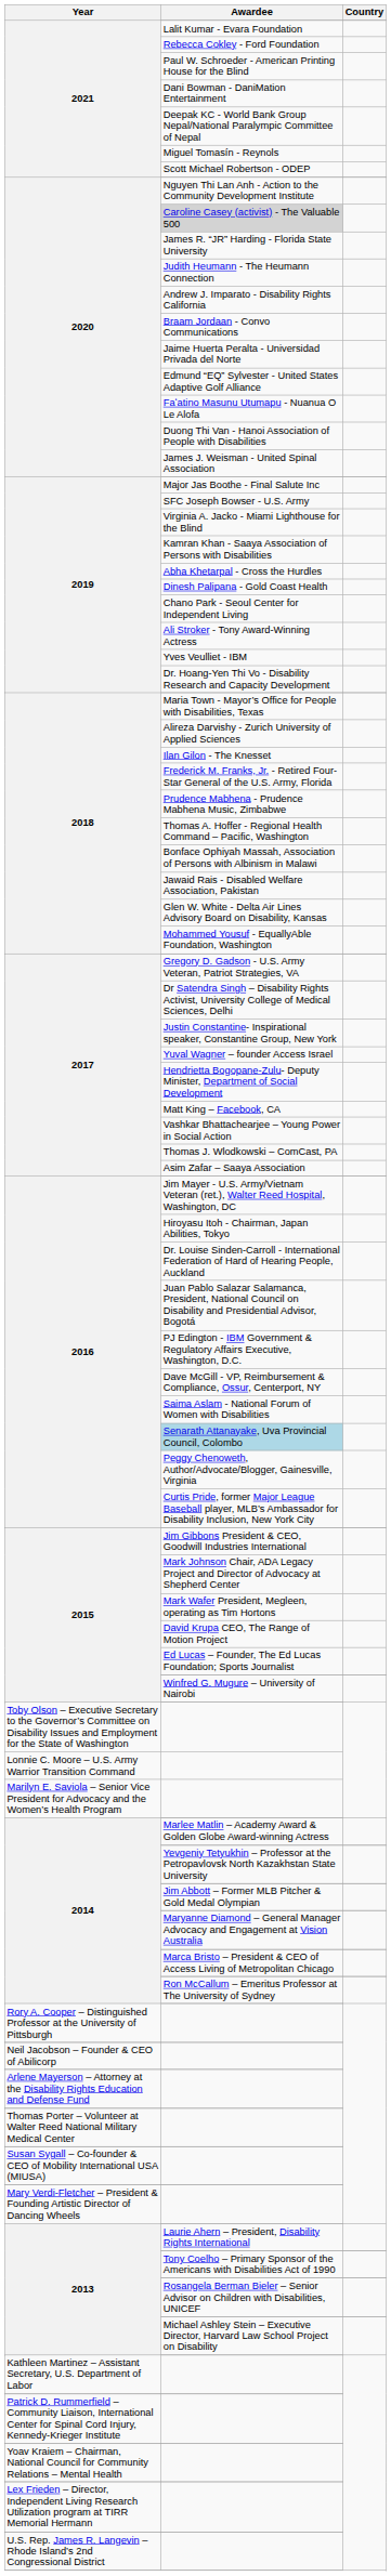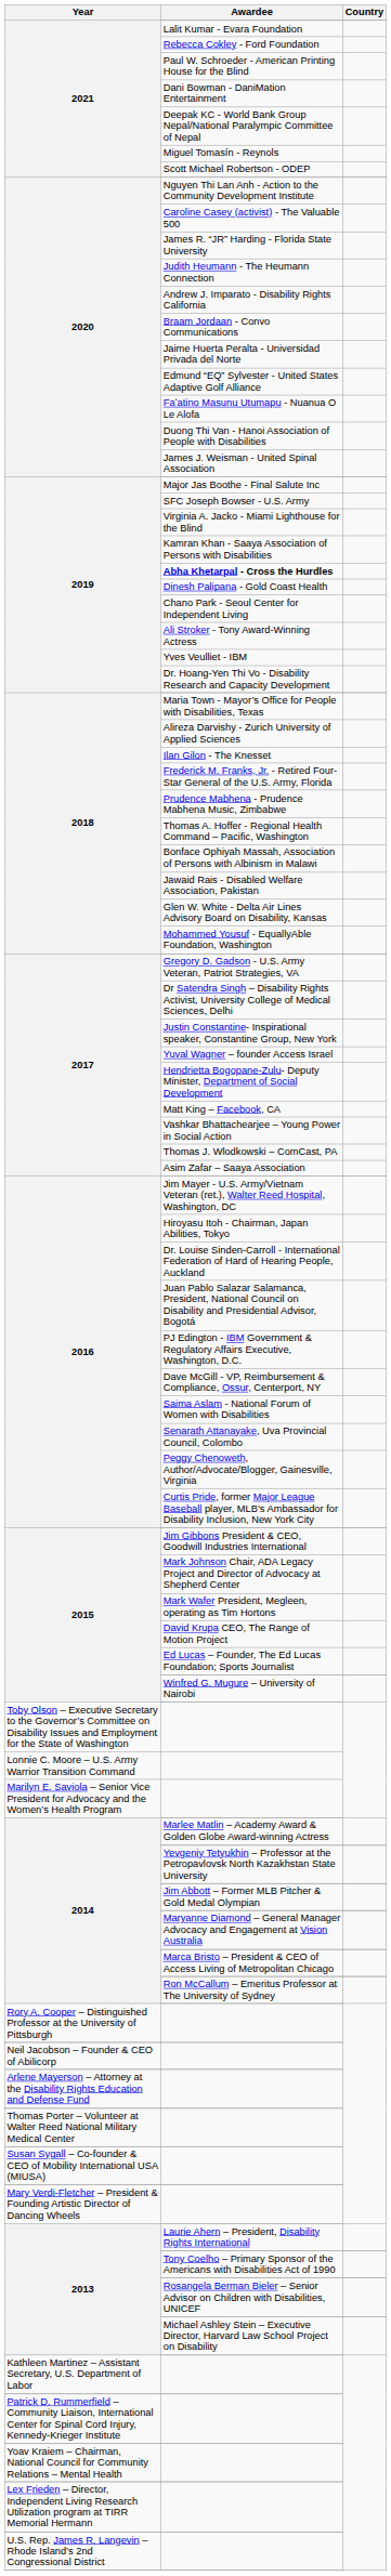 <table class="wikitable">
 <tr>
 <th>Year</th>
 <th>Awardee</th>
 <th>Country</th>
 </tr>
 <tr>
 <th ! rowspan=8>2021</th>
 </tr>
 <tr>
 <td>Lalit Kumar - Evara Foundation</td>
 <td></td>
 </tr>
 <tr>
 <td><a href='#'>Rebecca Cokley</a> - Ford Foundation</td>
 <td></td>
 </tr>
 <tr>
 <td>Paul W. Schroeder - American Printing House for the Blind</td>
 <td></td>
 </tr>
 <tr>
 <td>Dani Bowman - DaniMation Entertainment</td>
 <td></td>
 </tr>
 <tr>
 <td>Deepak KC - World Bank Group Nepal/National Paralympic Committee of Nepal</td>
 <td></td>
 </tr>
 <tr>
 <td>Miguel Tomasín - Reynols</td>
 <td></td>
 </tr>
 <tr>
 <td>Scott Michael Robertson - ODEP</td>
 <td></td>
 </tr>
 <tr>
 <th ! rowspan=12>2020</th>
 </tr>
 <tr>
 <td>Nguyen Thi Lan Anh - Action to the Community Development Institute</td>
 <td></td>
 </tr>
 <tr>
-<td style="background: lightgrey;"><a href='#'>Caroline Casey (activist)</a> -  The Valuable 500</td>
+<td><a href='#'>Caroline Casey (activist)</a> -  The Valuable 500</td>
 <td></td>
 </tr>
 <tr>
 <td>James R. “JR” Harding - Florida State University</td>
 <td></td>
 </tr>
 <tr>
 <td><a href='#'>Judith Heumann</a> - The Heumann Connection</td>
 <td></td>
 </tr>
 <tr>
 <td>Andrew J. Imparato - Disability Rights California</td>
 <td></td>
 </tr>
 <tr>
 <td><a href='#'>Braam Jordaan</a> - Convo Communications</td>
 <td></td>
 </tr>
 <tr>
 <td>Jaime Huerta Peralta - Universidad Privada del Norte</td>
 <td></td>
 </tr>
 <tr>
 <td>Edmund “EQ” Sylvester - United States Adaptive Golf Alliance</td>
 <td></td>
 </tr>
 <tr>
 <td><a href='#'>Faʻatino Masunu Utumapu</a> - Nuanua O Le Alofa</td>
 <td></td>
 </tr>
 <tr>
 <td>Duong Thi Van - Hanoi Association of People with Disabilities</td>
 <td></td>
 </tr>
 <tr>
 <td>James J. Weisman - United Spinal Association</td>
 <td></td>
 </tr>
 <tr>
 <th ! rowspan=11>2019</th>
 </tr>
 <tr>
 <td>Major Jas Boothe - Final Salute Inc</td>
 <td></td>
 </tr>
 <tr>
 <td>SFC Joseph Bowser - U.S. Army</td>
 <td></td>
 </tr>
 <tr>
 <td>Virginia A. Jacko - Miami Lighthouse for the Blind</td>
 <td></td>
 </tr>
 <tr>
 <td>Kamran Khan - Saaya Association of Persons with Disabilities</td>
 <td></td>
 </tr>
 <tr>
-<td><a href='#'>Abha Khetarpal</a> - Cross the Hurdles</td>
+<td><strong><a href='#'>Abha Khetarpal</a> - Cross the Hurdles</strong></td>
 <td></td>
 </tr>
 <tr>
 <td><a href='#'>Dinesh Palipana</a> - Gold Coast Health</td>
 <td></td>
 </tr>
 <tr>
 <td>Chano Park - Seoul Center for Independent Living</td>
 <td></td>
 </tr>
 <tr>
 <td><a href='#'>Ali Stroker</a> - Tony Award-Winning Actress</td>
 <td></td>
 </tr>
 <tr>
 <td>Yves Veulliet - IBM</td>
 <td></td>
 </tr>
 <tr>
 <td>Dr. Hoang-Yen Thi Vo - Disability Research and Capacity Development</td>
 <td></td>
 </tr>
 <tr>
 <th rowspan=11>2018</th>
 </tr>
 <tr>
 <td>Maria Town - Mayor’s Office for People with Disabilities, Texas</td>
 <td></td>
 </tr>
 <tr>
 <td>Alireza Darvishy - Zurich University of Applied Sciences</td>
 <td></td>
 </tr>
 <tr>
 <td><a href='#'>Ilan Gilon</a> - The Knesset</td>
 <td></td>
 </tr>
 <tr>
 <td><a href='#'>Frederick M. Franks, Jr.</a> - Retired Four-Star General of the U.S. Army, Florida</td>
 <td></td>
 </tr>
 <tr>
 <td><a href='#'>Prudence Mabhena</a> - Prudence Mabhena Music, Zimbabwe</td>
 <td></td>
 </tr>
 <tr>
 <td>Thomas A. Hoffer - Regional Health Command – Pacific, Washington</td>
 <td></td>
 </tr>
 <tr>
 <td>Bonface Ophiyah Massah, Association of Persons with Albinism in Malawi</td>
 <td></td>
 </tr>
 <tr>
 <td>Jawaid Rais - Disabled Welfare Association, Pakistan</td>
 <td></td>
 </tr>
 <tr>
 <td>Glen W. White - Delta Air Lines Advisory Board on Disability, Kansas</td>
 <td></td>
 </tr>
 <tr>
 <td><a href='#'>Mohammed Yousuf</a> - EquallyAble Foundation, Washington</td>
 <td></td>
 </tr>
 <tr>
 <th rowspan=10>2017</th>
 </tr>
 <tr>
 <td><a href='#'>Gregory D. Gadson</a> - U.S. Army Veteran, Patriot Strategies, VA</td>
 <td></td>
 </tr>
 <tr>
 <td>Dr <a href='#'>Satendra Singh</a> – Disability Rights Activist, University College of Medical Sciences, Delhi</td>
 <td></td>
 </tr>
 <tr>
 <td><a href='#'>Justin Constantine</a>- Inspirational speaker, Constantine Group, New York</td>
 <td></td>
 </tr>
 <tr>
 <td><a href='#'>Yuval Wagner</a> – founder Access Israel</td>
 <td></td>
 </tr>
 <tr>
 <td><a href='#'>Hendrietta Bogopane-Zulu</a>- Deputy Minister, <a href='#'>Department of Social Development</a></td>
 <td></td>
 </tr>
 <tr>
 <td>Matt King – <a href='#'>Facebook</a>, CA</td>
 <td></td>
 </tr>
 <tr>
 <td>Vashkar Bhattachearjee – Young Power in Social Action</td>
 <td></td>
 </tr>
 <tr>
 <td>Thomas J. Wlodkowski – ComCast, PA</td>
 <td></td>
 </tr>
 <tr>
 <td>Asim Zafar – Saaya Association</td>
 <td></td>
 </tr>
 <tr>
 <th rowspan=11>2016</th>
 </tr>
 <tr>
 <td>Jim Mayer - U.S. Army/Vietnam Veteran (ret.), <a href='#'>Walter Reed Hospital</a>, Washington, DC</td>
 <td></td>
 </tr>
 <tr>
 <td>Hiroyasu Itoh - Chairman, Japan Abilities, Tokyo</td>
 <td></td>
 </tr>
 <tr>
 <td>Dr. Louise Sinden-Carroll - International Federation of Hard of Hearing People, Auckland</td>
 <td></td>
 </tr>
 <tr>
 <td>Juan Pablo Salazar Salamanca, President, National Council on Disability and Presidential Advisor, Bogotá</td>
 <td></td>
 </tr>
 <tr>
 <td>PJ Edington - <a href='#'>IBM</a> Government & Regulatory Affairs Executive, Washington, D.C.</td>
 <td></td>
 </tr>
 <tr>
 <td>Dave McGill - VP, Reimbursement & Compliance, <a href='#'>Ossur</a>, Centerport, NY</td>
 <td></td>
 </tr>
 <tr>
 <td><a href='#'>Saima Aslam</a> - National Forum of Women with Disabilities</td>
 <td></td>
 </tr>
 <tr>
-<td style="background: lightblue;"><a href='#'>Senarath Attanayake</a>, Uva Provincial Council, Colombo</td>
+<td><a href='#'>Senarath Attanayake</a>, Uva Provincial Council, Colombo</td>
 <td></td>
 </tr>
 <tr>
 <td><a href='#'>Peggy Chenoweth</a>, Author/Advocate/Blogger, Gainesville, Virginia</td>
 <td></td>
 </tr>
 <tr>
 <td><a href='#'>Curtis Pride</a>, former <a href='#'>Major League Baseball</a> player, MLB’s Ambassador for Disability Inclusion, New York City</td>
 <td></td>
 </tr>
 <tr>
 <th rowspan=10>2015</th>
 </tr>
 <tr>
 </tr>
 <tr>
 <td><a href='#'>Jim Gibbons</a> President & CEO, Goodwill Industries International</td>
 <td></td>
 </tr>
 <tr>
 <td><a href='#'>Mark Johnson</a> Chair, ADA Legacy Project and Director of Advocacy at Shepherd Center</td>
 <td></td>
 </tr>
 <tr>
 <td><a href='#'>Mark Wafer</a> President, Megleen, operating as Tim Hortons</td>
 <td></td>
 </tr>
 <tr>
 <td><a href='#'>David Krupa</a> CEO, The Range of Motion Project</td>
 <td></td>
 </tr>
 <tr>
 <td><a href='#'>Ed Lucas</a> – Founder, The Ed Lucas Foundation; Sports Journalist</td>
 <td></td>
 </tr>
 <tr>
 </tr>
 <tr>
 <td><a href='#'>Winfred G. Mugure</a> – University of Nairobi</td>
 <td></td>
 </tr>
 <tr>
 </tr>
 <tr>
 <td><a href='#'>Toby Olson</a> – Executive Secretary to the Governor’s Committee on Disability Issues and Employment for the State of Washington</td>
 <td></td>
 </tr>
 <tr>
 <td>Lonnie C. Moore – U.S. Army Warrior Transition Command</td>
 <td></td>
 </tr>
 <tr>
 <td><a href='#'>Marilyn E. Saviola</a> – Senior Vice President for Advocacy and the Women’s Health Program</td>
 <td></td>
 </tr>
 <tr>
 <th rowspan=13>2014</th>
 </tr>
 <tr>
 <td><a href='#'>Marlee Matlin</a> – Academy Award & Golden Globe Award-winning Actress</td>
 <td></td>
 </tr>
 <tr>
 </tr>
 <tr>
 <td><a href='#'>Yevgeniy Tetyukhin</a> – Professor at the Petropavlovsk North Kazakhstan State University</td>
 <td></td>
 </tr>
 <tr>
 </tr>
 <tr>
 <td><a href='#'>Jim Abbott</a> – Former MLB Pitcher & Gold Medal Olympian</td>
 <td></td>
 </tr>
 <tr>
 </tr>
 <tr>
 <td><a href='#'>Maryanne Diamond</a> – General Manager Advocacy and Engagement at <a href='#'>Vision Australia</a></td>
 <td></td>
 </tr>
 <tr>
 </tr>
 <tr>
 <td><a href='#'>Marca Bristo</a> – President & CEO of Access Living of Metropolitan Chicago</td>
 <td></td>
 </tr>
 <tr>
 </tr>
 <tr>
 <td><a href='#'>Ron McCallum</a> – Emeritus Professor at The University of Sydney</td>
 <td></td>
 </tr>
 <tr>
 </tr>
 <tr>
 <td><a href='#'>Rory A. Cooper</a> – Distinguished Professor at the University of Pittsburgh</td>
 <td></td>
 </tr>
 <tr>
 </tr>
 <tr>
 <td>Neil Jacobson – Founder & CEO of Abilicorp</td>
 <td></td>
 </tr>
 <tr>
 </tr>
 <tr>
 <td><a href='#'>Arlene Mayerson</a> – Attorney at the <a href='#'>Disability Rights Education and Defense Fund</a></td>
 <td></td>
 </tr>
 <tr>
 </tr>
 <tr>
 <td>Thomas Porter – Volunteer at Walter Reed National Military Medical Center</td>
 <td></td>
 </tr>
 <tr>
 </tr>
 <tr>
 <td><a href='#'>Susan Sygall</a> – Co-founder & CEO of Mobility International USA (MIUSA)</td>
 <td></td>
 </tr>
 <tr>
 </tr>
 <tr>
 <td><a href='#'>Mary Verdi-Fletcher</a> – President & Founding Artistic Director of Dancing Wheels</td>
 <td></td>
 </tr>
 <tr>
 <th rowspan=10>2013</th>
 </tr>
 <tr>
 </tr>
 <tr>
 <td><a href='#'>Laurie Ahern</a> – President, <a href='#'>Disability Rights International</a></td>
 <td></td>
 </tr>
 <tr>
 </tr>
 <tr>
 <td><a href='#'>Tony Coelho</a> – Primary Sponsor of the Americans with Disabilities Act of 1990</td>
 <td></td>
 </tr>
 <tr>
 </tr>
 <tr>
 <td><a href='#'>Rosangela Berman Bieler</a> – Senior Advisor on Children with Disabilities, UNICEF</td>
 <td></td>
 </tr>
 <tr>
 </tr>
 <tr>
 <td>Michael Ashley Stein – Executive Director, Harvard Law School Project on Disability</td>
 <td></td>
 </tr>
 <tr>
 </tr>
 <tr>
 <td>Kathleen Martinez – Assistant Secretary, U.S. Department of Labor</td>
 <td></td>
 </tr>
 <tr>
 </tr>
 <tr>
 <td><a href='#'>Patrick D. Rummerfield</a> – Community Liaison, International Center for Spinal Cord Injury, Kennedy-Krieger Institute</td>
 <td></td>
 </tr>
 <tr>
 </tr>
 <tr>
 <td>Yoav Kraiem – Chairman, National Council for Community Relations – Mental Health</td>
 <td></td>
 </tr>
 <tr>
 </tr>
 <tr>
 <td><a href='#'>Lex Frieden</a> – Director, Independent Living Research Utilization program at TIRR Memorial Hermann</td>
 <td></td>
 </tr>
 <tr>
 </tr>
 <tr>
 <td>U.S. Rep. <a href='#'>James R. Langevin</a> – Rhode Island’s 2nd Congressional District</td>
 <td></td>
 </tr>
 <tr>
 </tr>
 </table>
